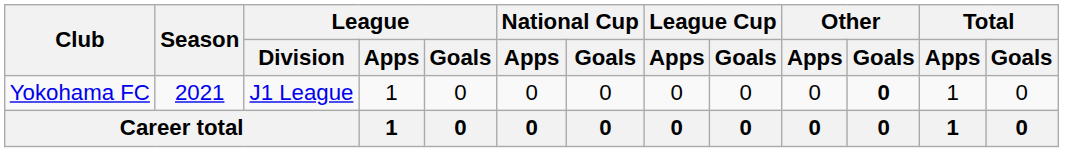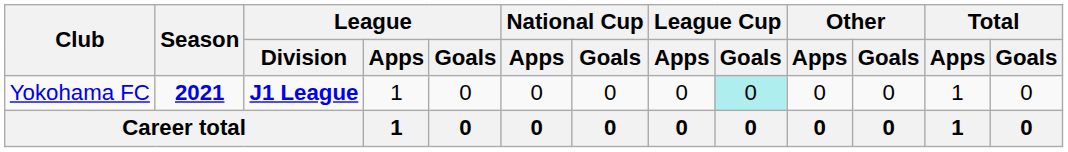 <table class="wikitable" style="text-align: center">
 <tr>
 <th rowspan="2">Club</th>
 <th rowspan="2">Season</th>
 <th colspan="3">League</th>
 <th colspan="2">National Cup</th>
 <th colspan="2">League Cup</th>
 <th colspan="2">Other</th>
 <th colspan="2">Total</th>
 </tr>
 <tr>
 <th>Division</th>
 <th>Apps</th>
 <th>Goals</th>
 <th>Apps</th>
 <th>Goals</th>
 <th>Apps</th>
 <th>Goals</th>
 <th>Apps</th>
 <th>Goals</th>
 <th>Apps</th>
 <th>Goals</th>
 </tr>
 <tr>
 <td><a href='#'>Yokohama FC</a></td>
-<td><a href='#'>2021</a></td>
-<td><a href='#'>J1 League</a></td>
+<td><strong><a href='#'>2021</a></strong></td>
+<td><strong><a href='#'>J1 League</a></strong></td>
 <td>1</td>
 <td>0</td>
 <td>0</td>
 <td>0</td>
 <td>0</td>
+<td style="background: paleturquoise;">0</td>
 <td>0</td>
 <td>0</td>
-<td><strong>0</strong></td>
 <td>1</td>
 <td>0</td>
 </tr>
 <tr>
 <th colspan=3>Career total</th>
 <th>1</th>
 <th>0</th>
 <th>0</th>
 <th>0</th>
 <th>0</th>
 <th>0</th>
 <th>0</th>
 <th>0</th>
 <th>1</th>
 <th>0</th>
 </tr>
 </table>
